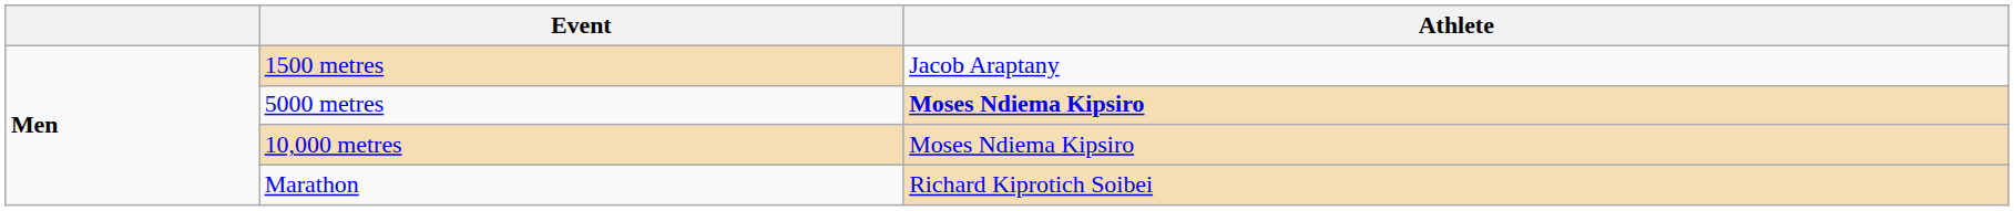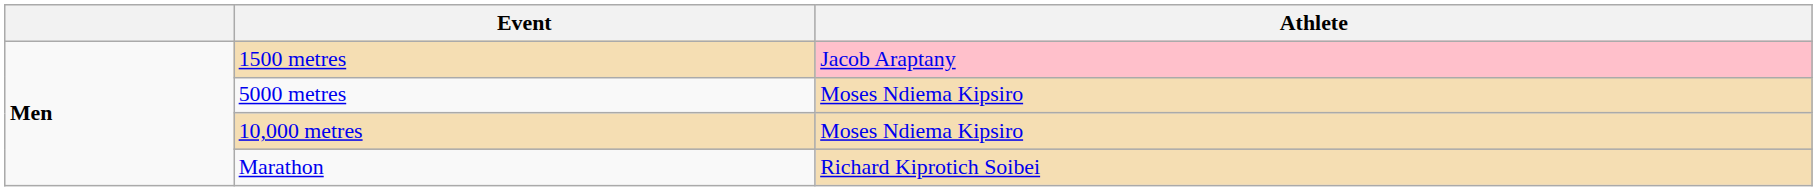 <table class=wikitable style="font-size:90%" width=60%>
 <tr>
 <th></th>
 <th>Event</th>
 <th>Athlete</th>
 </tr>
 <tr>
 <td rowspan=4><strong>Men</strong></td>
 <td bgcolor="wheat"><a href='#'>1500 metres</a></td>
-<td><a href='#'>Jacob Araptany</a></td>
+<td style="background: pink;"><a href='#'>Jacob Araptany</a></td>
 </tr>
 <tr>
 <td><a href='#'>5000 metres</a></td>
-<td bgcolor="wheat"><strong><a href='#'>Moses Ndiema Kipsiro</a></strong></td>
+<td bgcolor="wheat"><a href='#'>Moses Ndiema Kipsiro</a></td>
 </tr>
 <tr>
 <td bgcolor="wheat"><a href='#'>10,000 metres</a></td>
 <td bgcolor="wheat"><a href='#'>Moses Ndiema Kipsiro</a></td>
 </tr>
 <tr>
 <td><a href='#'>Marathon</a></td>
 <td bgcolor="wheat"><a href='#'>Richard Kiprotich Soibei</a></td>
 </tr>
 </table>
